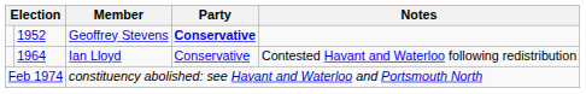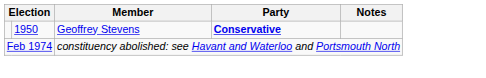 <table class="wikitable">
 <tr>
 <th colspan="2">Election</th>
 <th>Member</th>
 <th>Party</th>
 <th>Notes</th>
 </tr>
 <tr>
 <td style="color:inherit;background-color: "></td>
-<td><a href='#'>1952</a></td>
+<td><a href='#'>1950</a></td>
 <td><a href='#'>Geoffrey Stevens</a></td>
 <td><strong><a href='#'>Conservative</a></strong></td>
 <td></td>
-</tr>
-<tr>
-<td style="color:inherit;background-color: "></td>
-<td><a href='#'>1964</a></td>
-<td><a href='#'>Ian Lloyd</a></td>
-<td><a href='#'>Conservative</a></td>
-<td>Contested <a href='#'>Havant and Waterloo</a> following redistribution</td>
 </tr>
 <tr>
 <td colspan="2" align="center"><a href='#'>Feb 1974</a></td>
 <td colspan=3><em>constituency abolished: see <a href='#'>Havant and Waterloo</a> and <a href='#'>Portsmouth North</a></em></td>
 </tr>
 </table>
